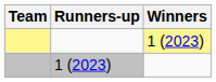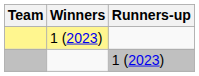 <table class="wikitable sortable">
 <tr>
 <th>Team</th>
+<th>Winners</th>
 <th>Runners-up</th>
-<th>Winners</th>
 </tr>
 <tr>
 <td style="background:#FFF68F"></td>
+<td style="background:#FFF68F">1 (<a href='#'>2023</a>)</td>
 <td></td>
-<td style="background:#FFF68F">1 (<a href='#'>2023</a>)</td>
 </tr>
 <tr>
 <td style="background:#C0C0C0"></td>
+<td></td>
 <td style="background:#C0C0C0">1 (<a href='#'>2023</a>)</td>
-<td></td>
 </tr>
 </table>
